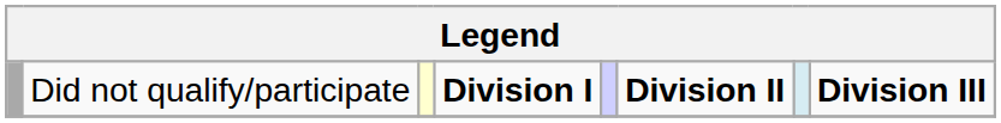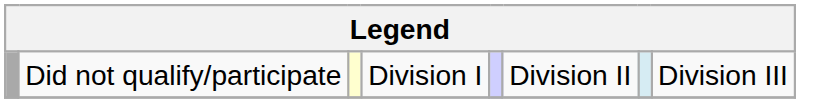 <table class="wikitable" style="font-size:80%">
 <tr bgcolor="#efefef">
 <th colspan="12">Legend</th>
 </tr>
 <tr>
 <td align="center" style="background:#a9a9a9;"></td>
 <td>Did not qualify/participate</td>
 <td align="center" style="background:#ffffcf;"></td>
-<td><strong>Division I</strong></td>
+<td>Division I</td>
 <td align="center" style="background:#cfcfff;"></td>
-<td><strong>Division II</strong></td>
+<td>Division II</td>
 <td align="center" style="background:#d6ecf3;"></td>
-<td><strong>Division III</strong></td>
+<td>Division III</td>
 </tr>
 <tr>
 </tr>
 </table>
